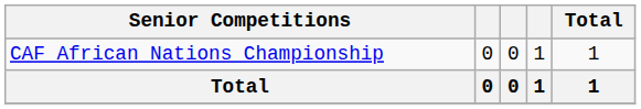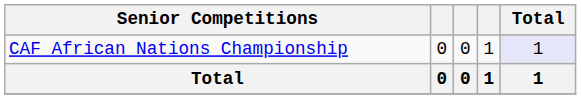 <table class="wikitable" style="width:30%; font-size:90%; text-align:center">
 <tr>
 <th>Senior Competitions</th>
 <th></th>
 <th></th>
 <th></th>
 <th>Total</th>
 </tr>
 <tr>
 <td align=left><a href='#'>CAF African Nations Championship</a></td>
 <td>0</td>
 <td>0</td>
 <td>1</td>
-<td>1</td>
+<td style="background: lavender;">1</td>
 </tr>
 <tr>
 <th>Total</th>
 <th>0</th>
 <th>0</th>
 <th>1</th>
 <th>1</th>
 </tr>
 <tr>
 </tr>
 </table>
